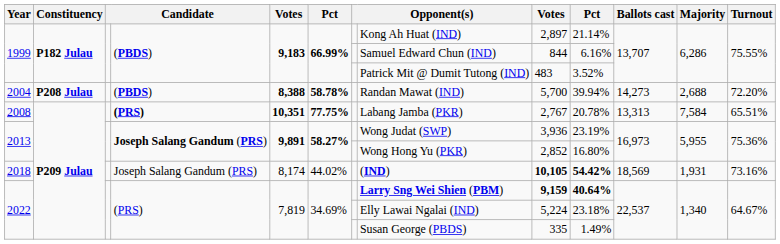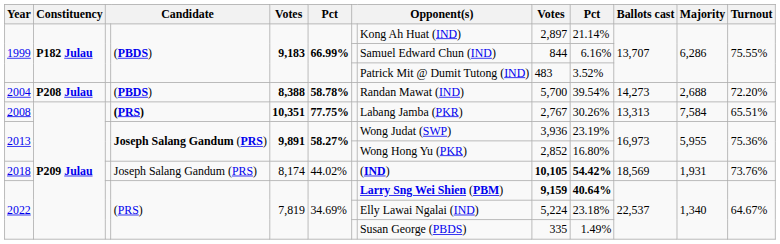 <table class="wikitable" style="margin:0.5em ; font-size:95%">
 <tr>
 <th>Year</th>
 <th>Constituency</th>
 <th colspan=2>Candidate</th>
 <th>Votes</th>
 <th>Pct</th>
 <th colspan=2>Opponent(s)</th>
 <th>Votes</th>
 <th>Pct</th>
 <th>Ballots cast</th>
 <th>Majority</th>
 <th>Turnout</th>
 </tr>
 <tr>
 <td rowspan="3"><a href='#'>1999</a></td>
 <td rowspan="3"><strong>P182 <a href='#'>Julau</a></strong></td>
 <td rowspan="3" ></td>
 <td rowspan="3"> (<a href='#'><strong>PBDS</strong></a>)</td>
 <td rowspan="3" align="right"><strong>9,183</strong></td>
 <td rowspan="3"><strong>66.99%</strong></td>
 <td></td>
 <td>Kong Ah Huat (<a href='#'>IND</a>)</td>
 <td align="right">2,897</td>
 <td>21.14%</td>
 <td rowspan="3">13,707</td>
 <td rowspan="3">6,286</td>
 <td rowspan="3">75.55%</td>
 </tr>
 <tr>
 <td></td>
 <td>Samuel Edward Chun (<a href='#'>IND</a>)</td>
 <td align="right">844</td>
 <td align="right">6.16%</td>
 </tr>
 <tr>
 <td></td>
 <td>Patrick Mit @ Dumit Tutong (<a href='#'>IND</a>)</td>
 <td>483</td>
 <td>3.52%</td>
 </tr>
 <tr>
 <td><a href='#'>2004</a></td>
 <td><strong>P208 <a href='#'>Julau</a></strong></td>
 <td></td>
 <td><strong></strong> (<a href='#'><strong>PBDS</strong></a>)</td>
 <td align="right"><strong>8,388</strong></td>
 <td><strong>58.78%</strong></td>
 <td></td>
 <td>Randan Mawat (<a href='#'>IND</a>)</td>
 <td align="right">5,700</td>
-<td>39.94%</td>
+<td>39.54%</td>
 <td>14,273</td>
 <td>2,688</td>
 <td>72.20%</td>
 </tr>
 <tr>
 <td><a href='#'>2008</a></td>
 <td rowspan=7><strong>P209 <a href='#'>Julau</a></strong></td>
 <td></td>
 <td><strong> (<a href='#'>PRS</a>)</strong></td>
 <td align="right"><strong>10,351</strong></td>
 <td><strong>77.75%</strong></td>
 <td></td>
 <td>Labang Jamba (<a href='#'>PKR</a>)</td>
 <td align="right">2,767</td>
-<td>20.78%</td>
+<td>30.26%</td>
 <td>13,313</td>
 <td>7,584</td>
 <td>65.51%</td>
 </tr>
 <tr>
 <td rowspan="2"><a href='#'>2013</a></td>
 <td rowspan="2" ></td>
 <td rowspan="2"><strong>Joseph Salang Gandum</strong> (<a href='#'><strong>PRS</strong></a>)</td>
 <td rowspan="2" align="right"><strong>9,891</strong></td>
 <td rowspan="2"><strong>58.27%</strong></td>
 <td bgcolor = ></td>
 <td>Wong Judat (<a href='#'>SWP</a>)</td>
 <td align="right">3,936</td>
 <td>23.19%</td>
 <td rowspan="2">16,973</td>
 <td rowspan="2">5,955</td>
 <td rowspan="2">75.36%</td>
 </tr>
 <tr>
 <td></td>
 <td>Wong Hong Yu (<a href='#'>PKR</a>)</td>
 <td align="right">2,852</td>
 <td>16.80%</td>
 </tr>
 <tr>
 <td><a href='#'>2018</a></td>
 <td></td>
 <td>Joseph Salang Gandum (<a href='#'>PRS</a>)</td>
 <td align="right">8,174</td>
 <td>44.02%</td>
 <td></td>
 <td> (<a href='#'><strong>IND</strong></a>)</td>
 <td align="right"><strong>10,105</strong></td>
 <td><strong>54.42%</strong></td>
 <td>18,569</td>
 <td>1,931</td>
-<td>73.16%</td>
+<td>73.76%</td>
 </tr>
 <tr>
 <td rowspan="3"><a href='#'>2022</a></td>
 <td rowspan="3" ></td>
 <td rowspan="3"> (<a href='#'>PRS</a>)</td>
 <td rowspan="3" align="right">7,819</td>
 <td rowspan="3">34.69%</td>
 <td bgcolor=></td>
 <td><strong><a href='#'>Larry Sng Wei Shien</a></strong> (<a href='#'><strong>PBM</strong></a>)</td>
 <td align="right"><strong>9,159</strong></td>
 <td><strong>40.64%</strong></td>
 <td rowspan="3">22,537</td>
 <td rowspan="3">1,340</td>
 <td rowspan="3">64.67%</td>
 </tr>
 <tr>
 <td></td>
 <td>Elly Lawai Ngalai (<a href='#'>IND</a>)</td>
 <td align="right">5,224</td>
 <td>23.18%</td>
 </tr>
 <tr>
 <td></td>
 <td>Susan George (<a href='#'>PBDS</a>)</td>
 <td align="right">335</td>
 <td align="right">1.49%</td>
 </tr>
 </table>
